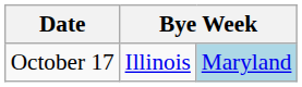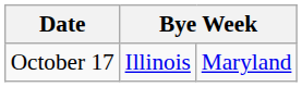 <table class="wikitable" style="font-size:95%;">
 <tr>
 <th>Date</th>
 <th colspan="2">Bye Week</th>
 </tr>
 <tr>
 <td>October 17</td>
 <td><a href='#'>Illinois</a></td>
-<td style="background: lightblue;"><a href='#'>Maryland</a></td>
+<td><a href='#'>Maryland</a></td>
 </tr>
 </table>
